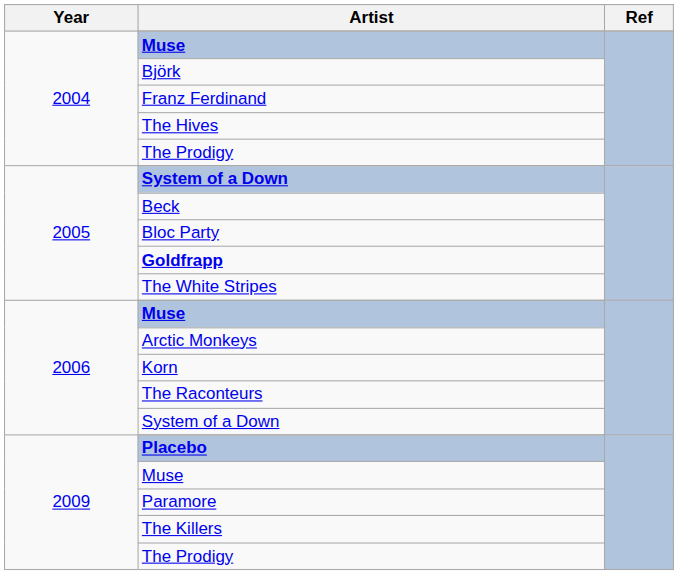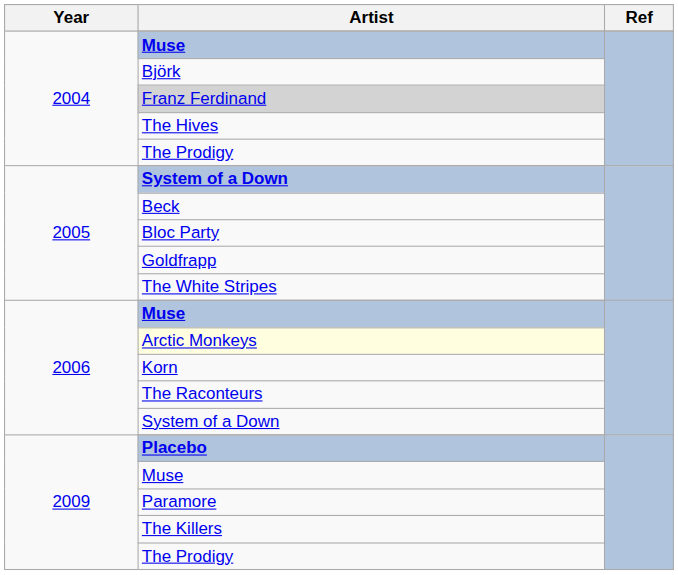 <table class="wikitable" style="width:50%;">
 <tr style="background:#bebebe;">
 <th style="width:10%;">Year</th>
 <th style="width:35%;">Artist</th>
 <th style="width:5%;">Ref</th>
 </tr>
 <tr>
 <td rowspan="6" align="center"><a href='#'>2004</a></td>
 </tr>
 <tr style="background:#B0C4DE">
 <td><strong><a href='#'>Muse</a></strong></td>
 <td rowspan="6" align="center"></td>
 </tr>
 <tr>
 <td><a href='#'>Björk</a></td>
 </tr>
 <tr>
-<td><a href='#'>Franz Ferdinand</a></td>
+<td style="background: lightgrey;"><a href='#'>Franz Ferdinand</a></td>
 </tr>
 <tr>
 <td><a href='#'>The Hives</a></td>
 </tr>
 <tr>
 <td><a href='#'>The Prodigy</a></td>
 </tr>
 <tr>
 <td rowspan="6" align="center"><a href='#'>2005</a></td>
 </tr>
 <tr style="background:#B0C4DE">
 <td><strong><a href='#'>System of a Down</a></strong></td>
 <td rowspan="6" align="center"></td>
 </tr>
 <tr>
 <td><a href='#'>Beck</a></td>
 </tr>
 <tr>
 <td><a href='#'>Bloc Party</a></td>
 </tr>
 <tr>
-<td><strong><a href='#'>Goldfrapp</a></strong></td>
+<td><a href='#'>Goldfrapp</a></td>
 </tr>
 <tr>
 <td><a href='#'>The White Stripes</a></td>
 </tr>
 <tr>
 <td rowspan="6" align="center"><a href='#'>2006</a></td>
 </tr>
 <tr style="background:#B0C4DE">
 <td><strong><a href='#'>Muse</a></strong></td>
 <td rowspan="6" align="center"></td>
 </tr>
 <tr>
-<td><a href='#'>Arctic Monkeys</a></td>
+<td style="background: lightyellow;"><a href='#'>Arctic Monkeys</a></td>
 </tr>
 <tr>
 <td><a href='#'>Korn</a></td>
 </tr>
 <tr>
 <td><a href='#'>The Raconteurs</a></td>
 </tr>
 <tr>
 <td><a href='#'>System of a Down</a></td>
 </tr>
 <tr>
 <td rowspan="6" align="center"><a href='#'>2009</a></td>
 </tr>
 <tr style="background:#B0C4DE">
 <td><strong><a href='#'>Placebo</a></strong></td>
 <td rowspan="6" align="center"></td>
 </tr>
 <tr>
 <td><a href='#'>Muse</a></td>
 </tr>
 <tr>
 <td><a href='#'>Paramore</a></td>
 </tr>
 <tr>
 <td><a href='#'>The Killers</a></td>
 </tr>
 <tr>
 <td><a href='#'>The Prodigy</a></td>
 </tr>
 </table>
